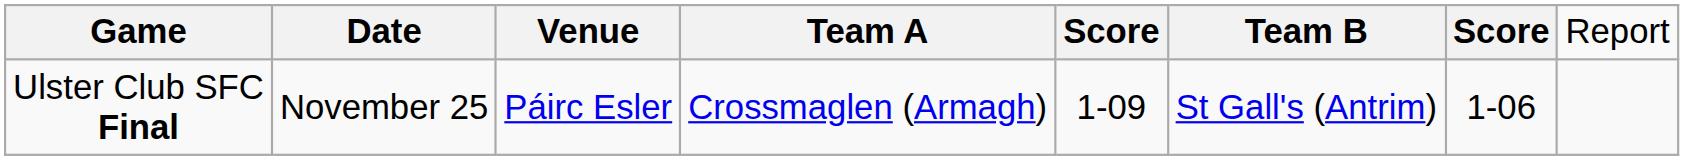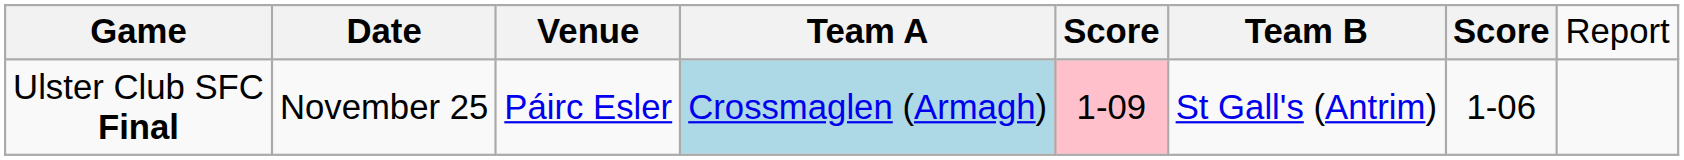 <table class="wikitable">
 <tr>
 <th>Game</th>
 <th>Date</th>
 <th>Venue</th>
 <th>Team A</th>
 <th>Score</th>
 <th>Team B</th>
 <th>Score</th>
 <td>Report</td>
 </tr>
 <tr align="center">
 <td>Ulster Club SFC<br><strong>Final</strong></td>
 <td>November 25</td>
 <td><a href='#'>Páirc Esler</a></td>
-<td><a href='#'>Crossmaglen</a> (<a href='#'>Armagh</a>)</td>
-<td>1-09</td>
+<td style="background: lightblue;"><a href='#'>Crossmaglen</a> (<a href='#'>Armagh</a>)</td>
+<td style="background: pink;">1-09</td>
 <td><a href='#'>St Gall's</a> (<a href='#'>Antrim</a>)</td>
 <td>1-06</td>
 <td></td>
 </tr>
 </table>
